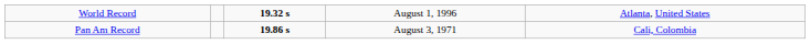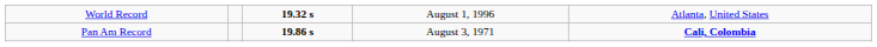 <table class="wikitable" style=" text-align:center; font-size:95%;" width="75%">
 <tr>
 <td><a href='#'>World Record</a></td>
 <td></td>
 <td><strong>19.32 s </strong></td>
 <td>August 1, 1996</td>
 <td> <a href='#'>Atlanta</a>, <a href='#'>United States</a></td>
 </tr>
 <tr>
 <td><a href='#'>Pan Am Record</a></td>
 <td></td>
 <td><strong>19.86 s </strong></td>
 <td>August 3, 1971</td>
-<td> <a href='#'>Cali, Colombia</a></td>
+<td><strong> <a href='#'>Cali, Colombia</a></strong></td>
 </tr>
 </table>
